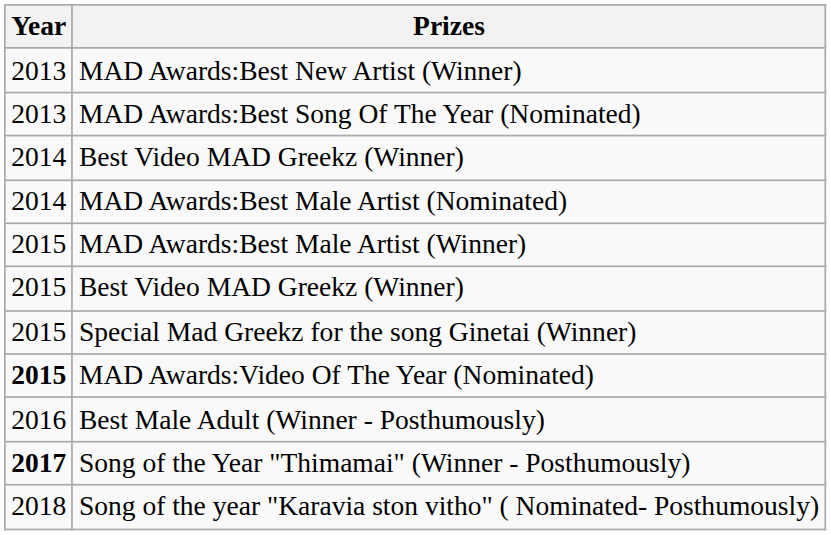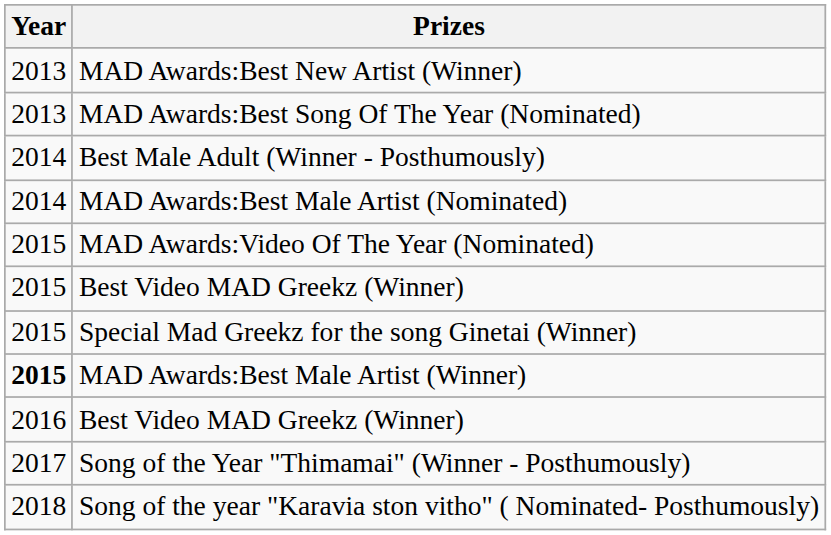 <table class="wikitable">
 <tr>
 <th>Year</th>
 <th>Prizes</th>
 </tr>
 <tr>
 <td>2013</td>
 <td>MAD Awards:Best New Artist (Winner)</td>
 </tr>
 <tr>
 <td>2013</td>
 <td>MAD Awards:Best Song Of The Year (Nominated)</td>
 </tr>
 <tr>
 <td>2014</td>
-<td>Best Video MAD Greekz (Winner)</td>
+<td>Best Male Adult (Winner - Posthumously)</td>
 </tr>
 <tr>
 <td>2014</td>
 <td>MAD Awards:Best Male Artist (Nominated)</td>
 </tr>
 <tr>
 <td>2015</td>
-<td>MAD Awards:Best Male Artist (Winner)</td>
+<td>MAD Awards:Video Of The Year (Nominated)</td>
 </tr>
 <tr>
 <td>2015</td>
 <td>Best Video MAD Greekz (Winner)</td>
 </tr>
 <tr>
 <td>2015</td>
 <td>Special Mad Greekz for the song Ginetai (Winner)</td>
 </tr>
 <tr>
 <td><strong>2015</strong></td>
-<td>MAD Awards:Video Of The Year (Nominated)</td>
+<td>MAD Awards:Best Male Artist (Winner)</td>
 </tr>
 <tr>
 <td>2016</td>
-<td>Best Male Adult (Winner - Posthumously)</td>
+<td>Best Video MAD Greekz (Winner)</td>
 </tr>
 <tr>
-<td><strong>2017</strong></td>
+<td>2017</td>
 <td>Song of the Year "Thimamai" (Winner - Posthumously)</td>
 </tr>
 <tr>
 <td>2018</td>
 <td>Song of the year "Karavia ston vitho" ( Nominated- Posthumously)</td>
 </tr>
 </table>
